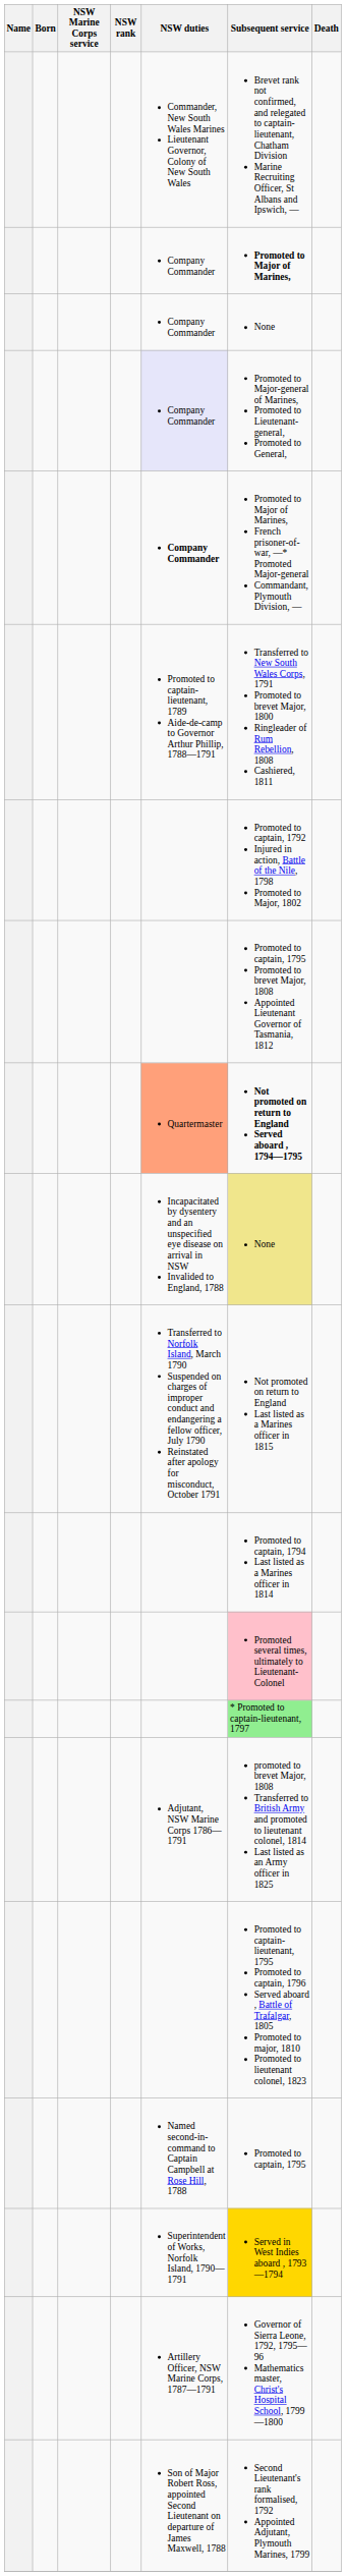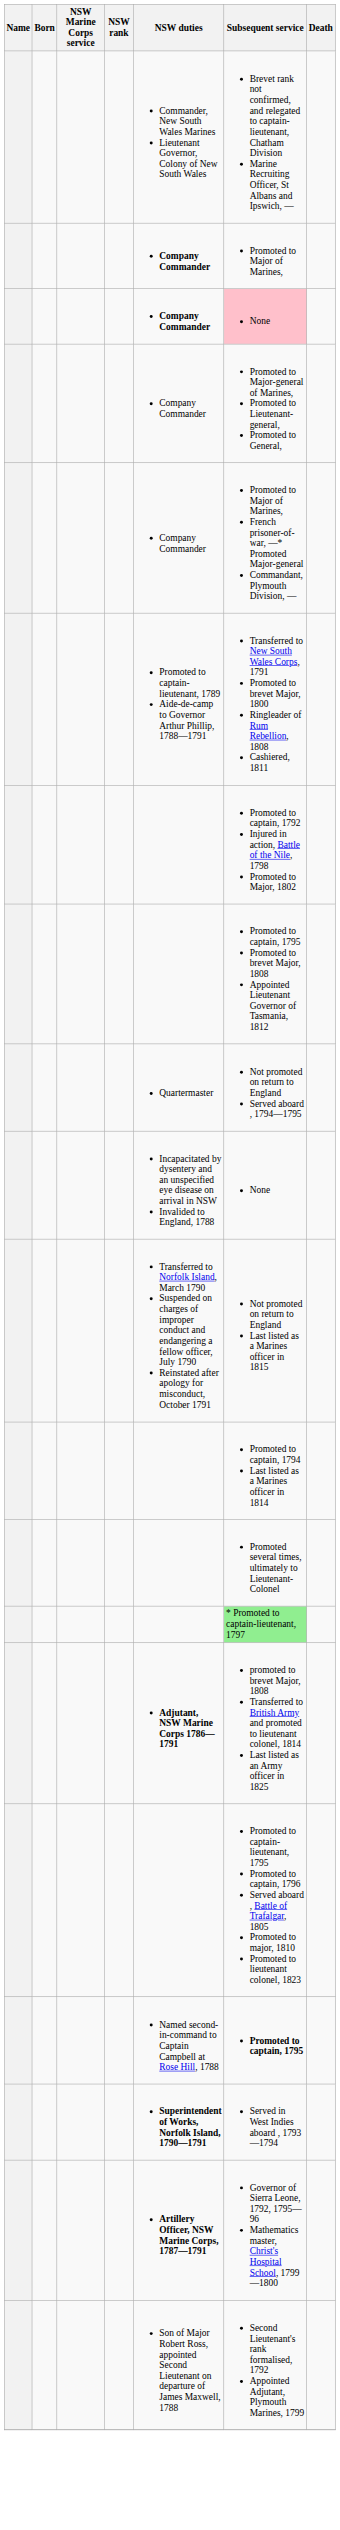 <table class="wikitable sortable" style="width:90%;">
 <tr>
 <th>Name</th>
 <th>Born</th>
 <th>NSW Marine Corps service</th>
 <th>NSW rank</th>
 <th class="unsortable" width=25%>NSW duties</th>
 <th class="unsortable" width=25%>Subsequent service</th>
 <th>Death</th>
 </tr>
 <tr>
 <th scope="row"></th>
 <td></td>
 <td></td>
 <td></td>
 <td><br><ul><li>Commander, New South Wales Marines</li><li>Lieutenant Governor, Colony of New South Wales</li></ul></td>
 <td><br><ul><li>Brevet rank not confirmed, and relegated to captain-lieutenant, Chatham Division</li><li>Marine Recruiting Officer, St Albans and Ipswich,  — </li></ul></td>
 <td></td>
 </tr>
 <tr>
 <th scope="row"></th>
 <td></td>
 <td></td>
 <td></td>
-<td><br><ul><li>Company Commander</li></ul></td>
-<td><strong><br><ul><li>Promoted to Major of Marines, </li></ul></strong></td>
+<td><strong><br><ul><li>Company Commander</li></ul></strong></td>
+<td><br><ul><li>Promoted to Major of Marines, </li></ul></td>
+<td></td>
+</tr>
+<tr>
+<th scope="row"></th>
+<td></td>
+<td></td>
+<td></td>
+<td><strong><br><ul><li>Company Commander</li></ul></strong></td>
+<td style="background: pink;"><br><ul><li>None</li></ul></td>
 <td></td>
 </tr>
 <tr>
 <th scope="row"></th>
 <td></td>
 <td></td>
 <td></td>
 <td><br><ul><li>Company Commander</li></ul></td>
-<td><br><ul><li>None</li></ul></td>
-<td></td>
-</tr>
-<tr>
-<th scope="row"></th>
-<td></td>
-<td></td>
-<td></td>
-<td style="background: lavender;"><br><ul><li>Company Commander</li></ul></td>
 <td><br><ul><li>Promoted to Major-general of Marines, </li><li>Promoted to Lieutenant-general, </li><li>Promoted to General, </li></ul></td>
 <td></td>
 </tr>
 <tr>
 <th scope="row"></th>
 <td></td>
 <td></td>
 <td></td>
-<td><strong><br><ul><li>Company Commander</li></ul></strong></td>
+<td><br><ul><li>Company Commander</li></ul></td>
 <td><br><ul><li>Promoted to Major of Marines, </li><li>French prisoner-of-war, —* Promoted Major-general </li><li>Commandant, Plymouth Division,  — </li></ul></td>
 <td></td>
 </tr>
 <tr>
 <th scope="row"></th>
 <td></td>
 <td></td>
 <td></td>
 <td><br><ul><li>Promoted to captain-lieutenant, 1789</li><li>Aide-de-camp to Governor Arthur Phillip, 1788—1791</li></ul></td>
 <td><br><ul><li>Transferred to <a href='#'>New South Wales Corps</a>, 1791</li><li>Promoted to brevet Major, 1800</li><li>Ringleader of <a href='#'>Rum Rebellion</a>, 1808</li><li>Cashiered, 1811</li></ul></td>
 <td></td>
 </tr>
 <tr>
 <th scope="row"></th>
 <td></td>
 <td></td>
 <td></td>
 <td></td>
 <td><br><ul><li>Promoted to captain, 1792</li><li>Injured in action, <a href='#'>Battle of the Nile</a>, 1798</li><li>Promoted to Major, 1802</li></ul></td>
 <td></td>
 </tr>
 <tr>
 <th scope="row"></th>
 <td></td>
 <td></td>
 <td></td>
 <td></td>
 <td><br><ul><li>Promoted to captain, 1795</li><li>Promoted to brevet Major, 1808</li><li>Appointed Lieutenant Governor of Tasmania, 1812</li></ul></td>
 <td></td>
 </tr>
 <tr>
 <th scope="row"></th>
 <td></td>
 <td></td>
 <td></td>
-<td style="background: lightsalmon;"><br><ul><li>Quartermaster</li></ul></td>
-<td><strong><br><ul><li>Not promoted on return to England</li><li>Served aboard , 1794—1795</li></ul></strong></td>
+<td><br><ul><li>Quartermaster</li></ul></td>
+<td><br><ul><li>Not promoted on return to England</li><li>Served aboard , 1794—1795</li></ul></td>
 <td></td>
 </tr>
 <tr>
 <th scope="row"></th>
 <td></td>
 <td></td>
 <td></td>
 <td><br><ul><li>Incapacitated by dysentery and an unspecified eye disease on arrival in NSW</li><li>Invalided to England, 1788</li></ul></td>
-<td style="background: khaki;"><br><ul><li>None</li></ul></td>
+<td><br><ul><li>None</li></ul></td>
 <td></td>
 </tr>
 <tr>
 <th scope="row"></th>
 <td></td>
 <td></td>
 <td></td>
 <td><br><ul><li>Transferred to <a href='#'>Norfolk Island</a>, March 1790</li><li>Suspended on charges of improper conduct and endangering a fellow officer, July 1790</li><li>Reinstated after apology for misconduct, October 1791</li></ul></td>
 <td><br><ul><li>Not promoted on return to England</li><li>Last listed as a Marines officer in 1815</li></ul></td>
 <td></td>
 </tr>
 <tr>
 <th scope="row"></th>
 <td></td>
 <td></td>
 <td></td>
 <td></td>
 <td><br><ul><li>Promoted to captain, 1794</li><li>Last listed as a Marines officer in 1814</li></ul></td>
 <td></td>
 </tr>
 <tr>
 <th scope="row"></th>
 <td></td>
 <td></td>
 <td></td>
 <td></td>
-<td style="background: pink;"><br><ul><li>Promoted several times, ultimately to Lieutenant-Colonel</li></ul></td>
+<td><br><ul><li>Promoted several times, ultimately to Lieutenant-Colonel</li></ul></td>
 <td></td>
 </tr>
 <tr>
 <th scope="row"></th>
 <td></td>
 <td></td>
 <td></td>
 <td></td>
 <td style="background: lightgreen;">* Promoted to captain-lieutenant, 1797</td>
 <td></td>
 </tr>
 <tr>
 <th scope="row"></th>
 <td></td>
 <td></td>
 <td></td>
-<td><br><ul><li>Adjutant, NSW Marine Corps 1786—1791</li></ul></td>
+<td><strong><br><ul><li>Adjutant, NSW Marine Corps 1786—1791</li></ul></strong></td>
 <td><br><ul><li>promoted to brevet Major, 1808</li><li>Transferred to <a href='#'>British Army</a> and promoted to lieutenant colonel, 1814</li><li>Last listed as an Army officer in 1825</li></ul></td>
 <td></td>
 </tr>
 <tr>
 <th scope="row"></th>
 <td></td>
 <td></td>
 <td></td>
 <td></td>
 <td><br><ul><li>Promoted to captain-lieutenant, 1795</li><li>Promoted to captain, 1796</li><li>Served aboard , <a href='#'>Battle of Trafalgar</a>, 1805</li><li>Promoted to major, 1810</li><li>Promoted to lieutenant colonel, 1823</li></ul></td>
 <td></td>
 </tr>
 <tr>
 <th scope="row"></th>
 <td></td>
 <td></td>
 <td></td>
 <td><br><ul><li>Named second-in-command to Captain Campbell at <a href='#'>Rose Hill</a>, 1788</li></ul></td>
-<td><br><ul><li>Promoted to captain, 1795</li></ul></td>
+<td><strong><br><ul><li>Promoted to captain, 1795</li></ul></strong></td>
 <td></td>
 </tr>
 <tr>
 <th scope="row"></th>
 <td></td>
 <td></td>
 <td></td>
-<td><br><ul><li>Superintendent of Works, Norfolk Island, 1790—1791</li></ul></td>
-<td style="background: gold;"><br><ul><li>Served in West Indies aboard , 1793—1794</li></ul></td>
+<td><strong><br><ul><li>Superintendent of Works, Norfolk Island, 1790—1791</li></ul></strong></td>
+<td><br><ul><li>Served in West Indies aboard , 1793—1794</li></ul></td>
 <td></td>
 </tr>
 <tr>
 <th scope="row"></th>
 <td></td>
 <td></td>
 <td></td>
-<td><br><ul><li>Artillery Officer, NSW Marine Corps, 1787—1791</li></ul></td>
+<td><strong><br><ul><li>Artillery Officer, NSW Marine Corps, 1787—1791</li></ul></strong></td>
 <td><br><ul><li>Governor of Sierra Leone, 1792, 1795—96</li><li>Mathematics master, <a href='#'>Christ's Hospital School</a>, 1799—1800</li></ul></td>
 <td></td>
 </tr>
 <tr>
 <th scope="row"></th>
 <td></td>
 <td></td>
 <td></td>
 <td><br><ul><li>Son of Major Robert Ross, appointed Second Lieutenant on departure of James Maxwell, 1788</li></ul></td>
 <td><br><ul><li>Second Lieutenant's rank formalised, 1792</li><li>Appointed Adjutant, Plymouth Marines, 1799</li></ul></td>
 <td></td>
 </tr>
 <tr>
 </tr>
 </table>
